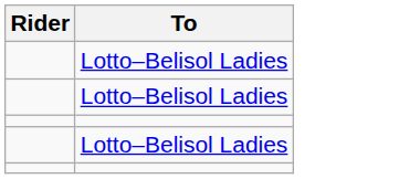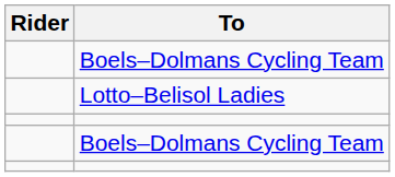 <table class="wikitable sortable">
 <tr>
 <th>Rider</th>
 <th>To</th>
 </tr>
 <tr>
 <td></td>
-<td><a href='#'>Lotto–Belisol Ladies</a></td>
+<td><a href='#'>Boels–Dolmans Cycling Team</a></td>
 </tr>
 <tr>
 <td></td>
 <td><a href='#'>Lotto–Belisol Ladies</a></td>
 </tr>
 <tr>
 <td></td>
 <td></td>
 </tr>
 <tr>
 <td></td>
-<td><a href='#'>Lotto–Belisol Ladies</a></td>
+<td><a href='#'>Boels–Dolmans Cycling Team</a></td>
 </tr>
 <tr>
 <td></td>
 <td></td>
 </tr>
 </table>
